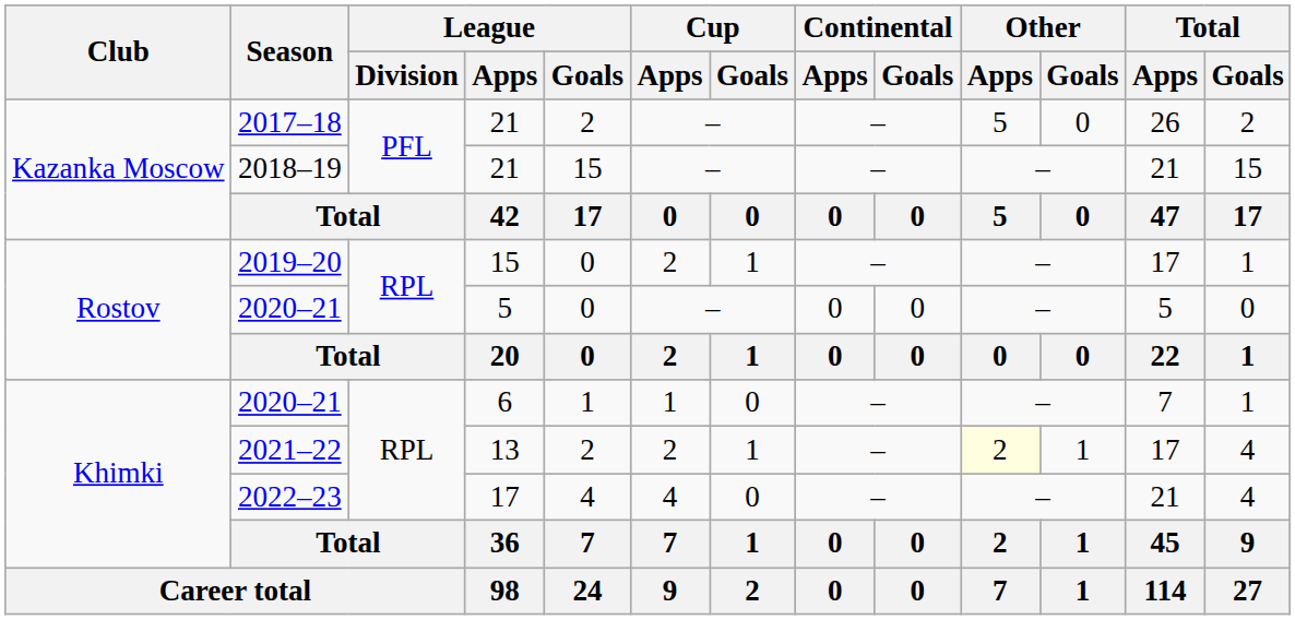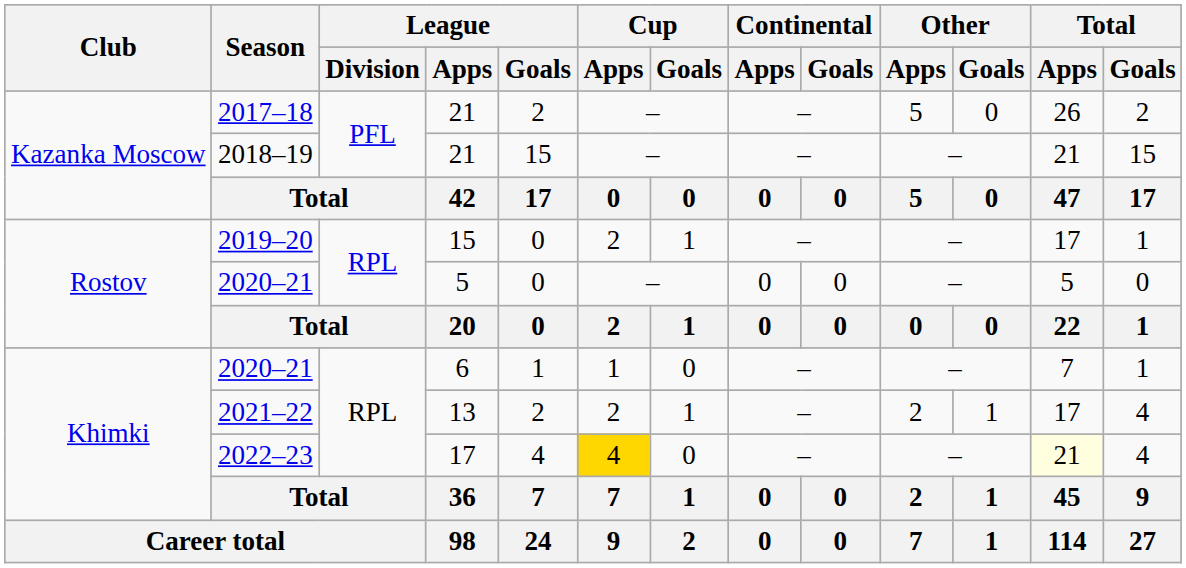 <table class="wikitable" style="text-align: center;">
 <tr>
 <th rowspan=2>Club</th>
 <th rowspan=2>Season</th>
 <th colspan=3>League</th>
 <th colspan=2>Cup</th>
 <th colspan=2>Continental</th>
 <th colspan=2>Other</th>
 <th colspan=2>Total</th>
 </tr>
 <tr>
 <th>Division</th>
 <th>Apps</th>
 <th>Goals</th>
 <th>Apps</th>
 <th>Goals</th>
 <th>Apps</th>
 <th>Goals</th>
 <th>Apps</th>
 <th>Goals</th>
 <th>Apps</th>
 <th>Goals</th>
 </tr>
 <tr>
 <td rowspan="3"><a href='#'>Kazanka Moscow</a></td>
 <td><a href='#'>2017–18</a></td>
 <td rowspan="2"><a href='#'>PFL</a></td>
 <td>21</td>
 <td>2</td>
 <td colspan=2>–</td>
 <td colspan=2>–</td>
 <td>5</td>
 <td>0</td>
 <td>26</td>
 <td>2</td>
 </tr>
 <tr>
 <td>2018–19</td>
 <td>21</td>
 <td>15</td>
 <td colspan=2>–</td>
 <td colspan=2>–</td>
 <td colspan=2>–</td>
 <td>21</td>
 <td>15</td>
 </tr>
 <tr>
 <th colspan=2>Total</th>
 <th>42</th>
 <th>17</th>
 <th>0</th>
 <th>0</th>
 <th>0</th>
 <th>0</th>
 <th>5</th>
 <th>0</th>
 <th>47</th>
 <th>17</th>
 </tr>
 <tr>
 <td rowspan="3"><a href='#'>Rostov</a></td>
 <td><a href='#'>2019–20</a></td>
 <td rowspan="2"><a href='#'>RPL</a></td>
 <td>15</td>
 <td>0</td>
 <td>2</td>
 <td>1</td>
 <td colspan=2>–</td>
 <td colspan=2>–</td>
 <td>17</td>
 <td>1</td>
 </tr>
 <tr>
 <td><a href='#'>2020–21</a></td>
 <td>5</td>
 <td>0</td>
 <td colspan=2>–</td>
 <td>0</td>
 <td>0</td>
 <td colspan=2>–</td>
 <td>5</td>
 <td>0</td>
 </tr>
 <tr>
 <th colspan=2>Total</th>
 <th>20</th>
 <th>0</th>
 <th>2</th>
 <th>1</th>
 <th>0</th>
 <th>0</th>
 <th>0</th>
 <th>0</th>
 <th>22</th>
 <th>1</th>
 </tr>
 <tr>
 <td rowspan="4"><a href='#'>Khimki</a></td>
 <td><a href='#'>2020–21</a></td>
 <td rowspan="3">RPL</td>
 <td>6</td>
 <td>1</td>
 <td>1</td>
 <td>0</td>
 <td colspan=2>–</td>
 <td colspan=2>–</td>
 <td>7</td>
 <td>1</td>
 </tr>
 <tr>
 <td><a href='#'>2021–22</a></td>
 <td>13</td>
 <td>2</td>
 <td>2</td>
 <td>1</td>
 <td colspan=2>–</td>
-<td style="background: lightyellow;">2</td>
+<td>2</td>
 <td>1</td>
 <td>17</td>
 <td>4</td>
 </tr>
 <tr>
 <td><a href='#'>2022–23</a></td>
 <td>17</td>
 <td>4</td>
-<td>4</td>
+<td style="background: gold;">4</td>
 <td>0</td>
 <td colspan=2>–</td>
 <td colspan=2>–</td>
-<td>21</td>
+<td style="background: lightyellow;">21</td>
 <td>4</td>
 </tr>
 <tr>
 <th colspan=2>Total</th>
 <th>36</th>
 <th>7</th>
 <th>7</th>
 <th>1</th>
 <th>0</th>
 <th>0</th>
 <th>2</th>
 <th>1</th>
 <th>45</th>
 <th>9</th>
 </tr>
 <tr>
 <th colspan=3>Career total</th>
 <th>98</th>
 <th>24</th>
 <th>9</th>
 <th>2</th>
 <th>0</th>
 <th>0</th>
 <th>7</th>
 <th>1</th>
 <th>114</th>
 <th>27</th>
 </tr>
 </table>
